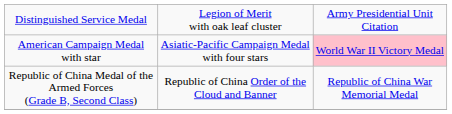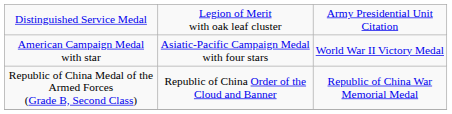 <table class="wikitable" style="margin:1em auto; text-align:center;">
 <tr>
 <td><a href='#'>Distinguished Service Medal</a></td>
 <td><a href='#'>Legion of Merit</a> <br>with oak leaf cluster</td>
 <td><a href='#'>Army Presidential Unit Citation</a></td>
 </tr>
 <tr>
 <td><a href='#'>American Campaign Medal</a> <br>with star</td>
 <td><a href='#'>Asiatic-Pacific Campaign Medal</a> <br>with four stars</td>
-<td style="background: pink;"><a href='#'>World War II Victory Medal</a></td>
+<td><a href='#'>World War II Victory Medal</a></td>
 </tr>
 <tr>
 <td>Republic of China Medal of the Armed Forces <br>(<a href='#'>Grade B, Second Class</a>)</td>
 <td>Republic of China <a href='#'>Order of the Cloud and Banner</a></td>
 <td><a href='#'>Republic of China War Memorial Medal</a></td>
 </tr>
 <tr>
 </tr>
 </table>
